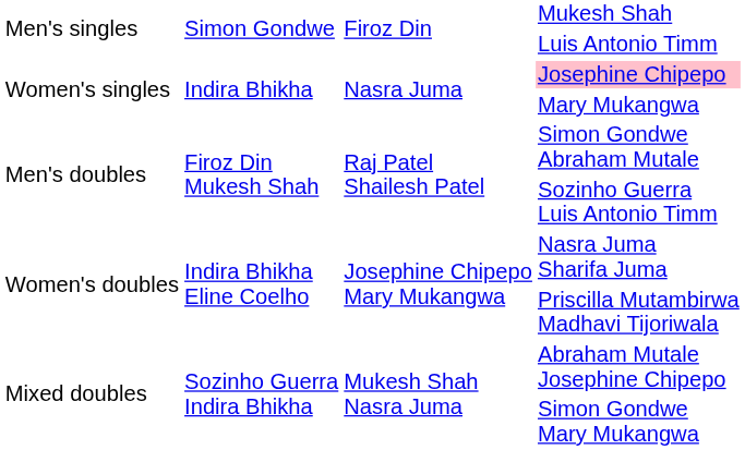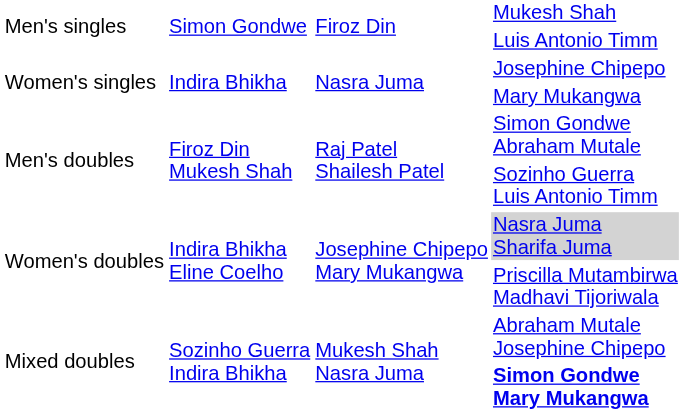 <table>
 <tr>
 <td rowspan=2>Men's singles</td>
 <td rowspan=2> <a href='#'>Simon Gondwe</a></td>
 <td rowspan=2> <a href='#'>Firoz Din</a></td>
 <td> <a href='#'>Mukesh Shah</a></td>
 </tr>
 <tr>
 <td> <a href='#'>Luis Antonio Timm</a></td>
 </tr>
 <tr>
 <td rowspan=2>Women's singles</td>
 <td rowspan=2> <a href='#'>Indira Bhikha</a></td>
 <td rowspan=2> <a href='#'>Nasra Juma</a></td>
-<td style="background: pink;"> <a href='#'>Josephine Chipepo</a></td>
+<td> <a href='#'>Josephine Chipepo</a></td>
 </tr>
 <tr>
 <td> <a href='#'>Mary Mukangwa</a></td>
 </tr>
 <tr>
 <td rowspan=2>Men's doubles</td>
 <td rowspan=2> <a href='#'>Firoz Din</a><br> <a href='#'>Mukesh Shah</a></td>
 <td rowspan=2> <a href='#'>Raj Patel</a><br> <a href='#'>Shailesh Patel</a></td>
 <td> <a href='#'>Simon Gondwe</a><br> <a href='#'>Abraham Mutale</a></td>
 </tr>
 <tr>
 <td> <a href='#'>Sozinho Guerra</a><br> <a href='#'>Luis Antonio Timm</a></td>
 </tr>
 <tr>
 <td rowspan=2>Women's doubles</td>
 <td rowspan=2> <a href='#'>Indira Bhikha</a><br> <a href='#'>Eline Coelho</a></td>
 <td rowspan=2> <a href='#'>Josephine Chipepo</a><br> <a href='#'>Mary Mukangwa</a></td>
-<td> <a href='#'>Nasra Juma</a><br> <a href='#'>Sharifa Juma</a></td>
+<td style="background: lightgrey;"> <a href='#'>Nasra Juma</a><br> <a href='#'>Sharifa Juma</a></td>
 </tr>
 <tr>
 <td> <a href='#'>Priscilla Mutambirwa</a><br> <a href='#'>Madhavi Tijoriwala</a></td>
 </tr>
 <tr>
 <td rowspan=2>Mixed doubles</td>
 <td rowspan=2> <a href='#'>Sozinho Guerra</a><br> <a href='#'>Indira Bhikha</a></td>
 <td rowspan=2> <a href='#'>Mukesh Shah</a><br> <a href='#'>Nasra Juma</a></td>
 <td> <a href='#'>Abraham Mutale</a><br> <a href='#'>Josephine Chipepo</a></td>
 </tr>
 <tr>
-<td> <a href='#'>Simon Gondwe</a><br> <a href='#'>Mary Mukangwa</a></td>
+<td><strong> <a href='#'>Simon Gondwe</a><br> <a href='#'>Mary Mukangwa</a></strong></td>
 </tr>
 </table>
